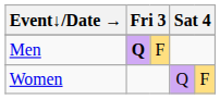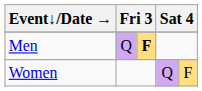 <table class="wikitable" style="margin:0.5em auto; font-size:90%; line-height:1.25em;">
 <tr align="center">
 <th>Event↓/Date →</th>
 <th colspan=2>Fri 3</th>
 <th colspan=2>Sat 4</th>
 </tr>
 <tr>
 </tr>
 <tr align="center">
 <td align="left"><a href='#'>Men</a></td>
-<td bgcolor="#D0A9F5"><strong>Q</strong></td>
-<td bgcolor="#FFDF80">F</td>
+<td bgcolor="#D0A9F5">Q</td>
+<td bgcolor="#FFDF80"><strong>F</strong></td>
 <td colspan=2></td>
 </tr>
 <tr>
 </tr>
 <tr align="center">
 <td align="left"><a href='#'>Women</a></td>
 <td colspan=2></td>
 <td bgcolor="#D0A9F5">Q</td>
 <td bgcolor="#FFDF80">F</td>
 </tr>
 </table>
